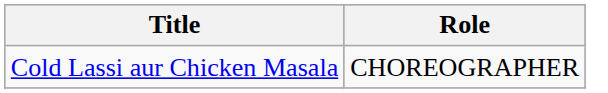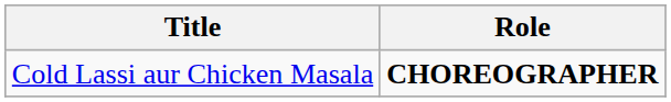 <table class="wikitable">
 <tr>
 <th>Title</th>
 <th>Role</th>
 </tr>
 <tr>
 <td><a href='#'>Cold Lassi aur Chicken Masala</a></td>
-<td>CHOREOGRAPHER</td>
+<td><strong>CHOREOGRAPHER</strong></td>
 </tr>
 </table>
